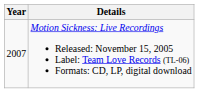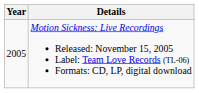 <table class="wikitable">
 <tr>
 <th>Year</th>
 <th>Details</th>
 </tr>
 <tr>
-<td>2007</td>
+<td>2005</td>
 <td><em><a href='#'>Motion Sickness: Live Recordings</a></em><br><ul><li>Released: November 15, 2005</li><li>Label: <a href='#'>Team Love Records</a> <small>(TL-06)</small></li><li>Formats: CD, LP, digital download</li></ul></td>
 </tr>
 </table>
